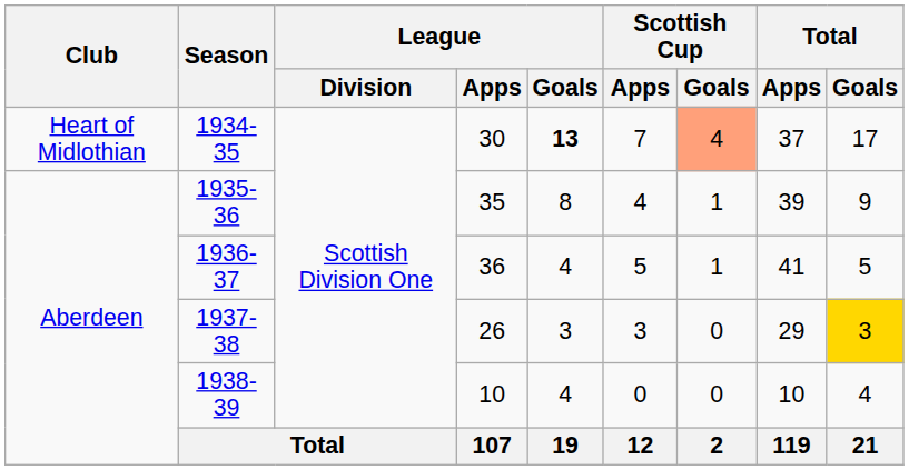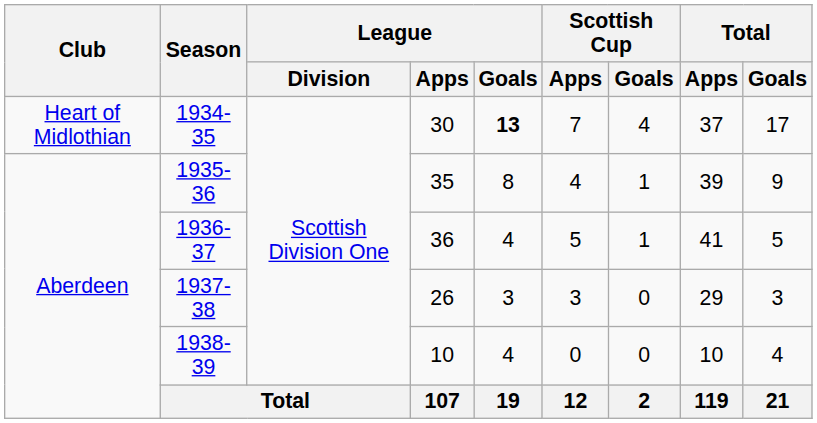 <table class="wikitable" style="text-align:center">
 <tr>
 <th rowspan="2">Club</th>
 <th rowspan="2">Season</th>
 <th colspan="3">League</th>
 <th colspan="2">Scottish Cup</th>
 <th colspan="2">Total</th>
 </tr>
 <tr>
 <th>Division</th>
 <th>Apps</th>
 <th>Goals</th>
 <th>Apps</th>
 <th>Goals</th>
 <th>Apps</th>
 <th>Goals</th>
 </tr>
 <tr>
 <td><a href='#'>Heart of Midlothian</a></td>
 <td><a href='#'>1934-35</a></td>
 <td rowspan="5"><a href='#'>Scottish Division One</a></td>
 <td>30</td>
 <td><strong>13</strong></td>
 <td>7</td>
-<td style="background: lightsalmon;">4</td>
+<td>4</td>
 <td>37</td>
 <td>17</td>
 </tr>
 <tr>
 <td rowspan="5"><a href='#'>Aberdeen</a></td>
 <td><a href='#'>1935-36</a></td>
 <td>35</td>
 <td>8</td>
 <td>4</td>
 <td>1</td>
 <td>39</td>
 <td>9</td>
 </tr>
 <tr>
 <td><a href='#'>1936-37</a></td>
 <td>36</td>
 <td>4</td>
 <td>5</td>
 <td>1</td>
 <td>41</td>
 <td>5</td>
 </tr>
 <tr>
 <td><a href='#'>1937-38</a></td>
 <td>26</td>
 <td>3</td>
 <td>3</td>
 <td>0</td>
 <td>29</td>
-<td style="background: gold;">3</td>
+<td>3</td>
 </tr>
 <tr>
 <td><a href='#'>1938-39</a></td>
 <td>10</td>
 <td>4</td>
 <td>0</td>
 <td>0</td>
 <td>10</td>
 <td>4</td>
 </tr>
 <tr>
 <th colspan="2">Total</th>
 <th>107</th>
 <th>19</th>
 <th>12</th>
 <th>2</th>
 <th>119</th>
 <th>21</th>
 </tr>
 </table>
